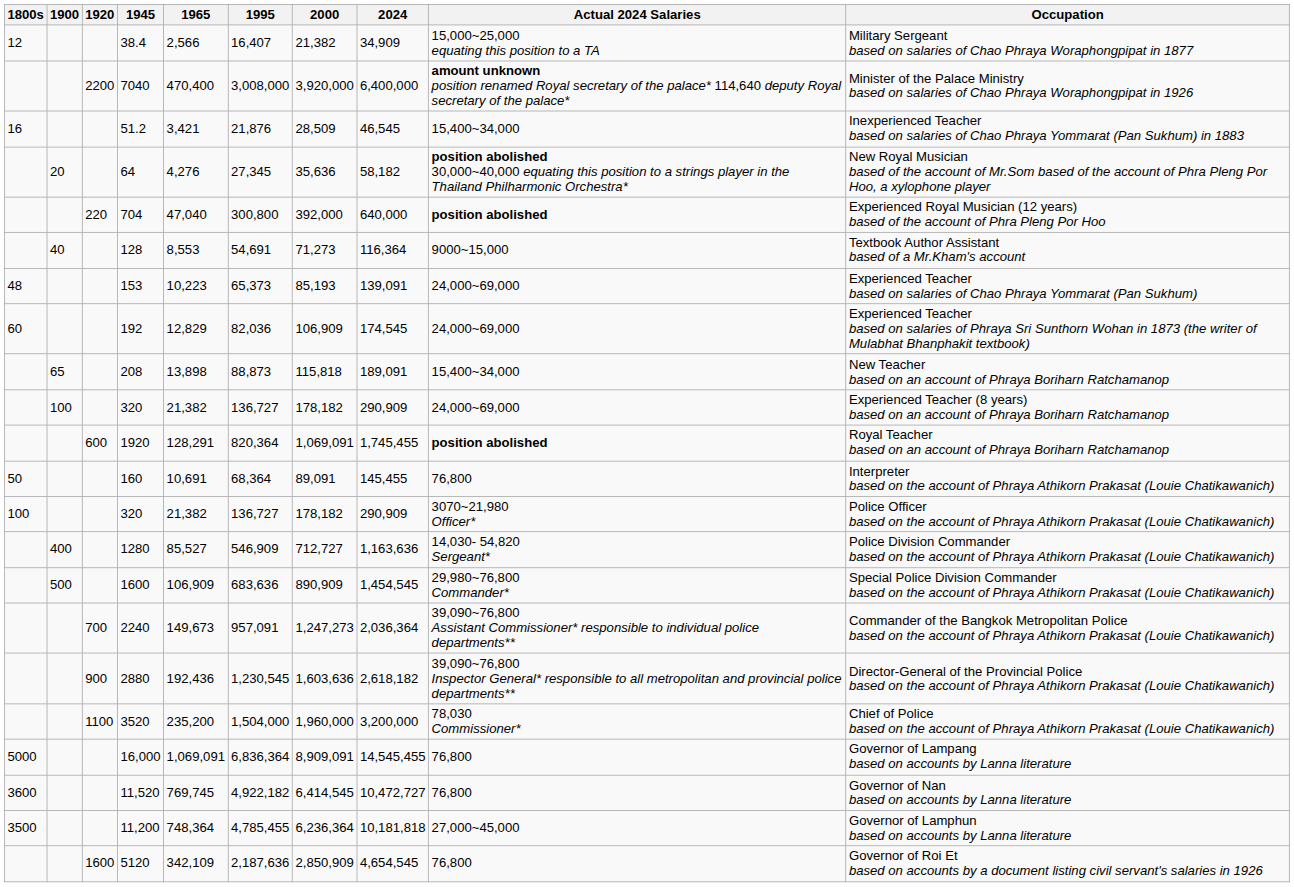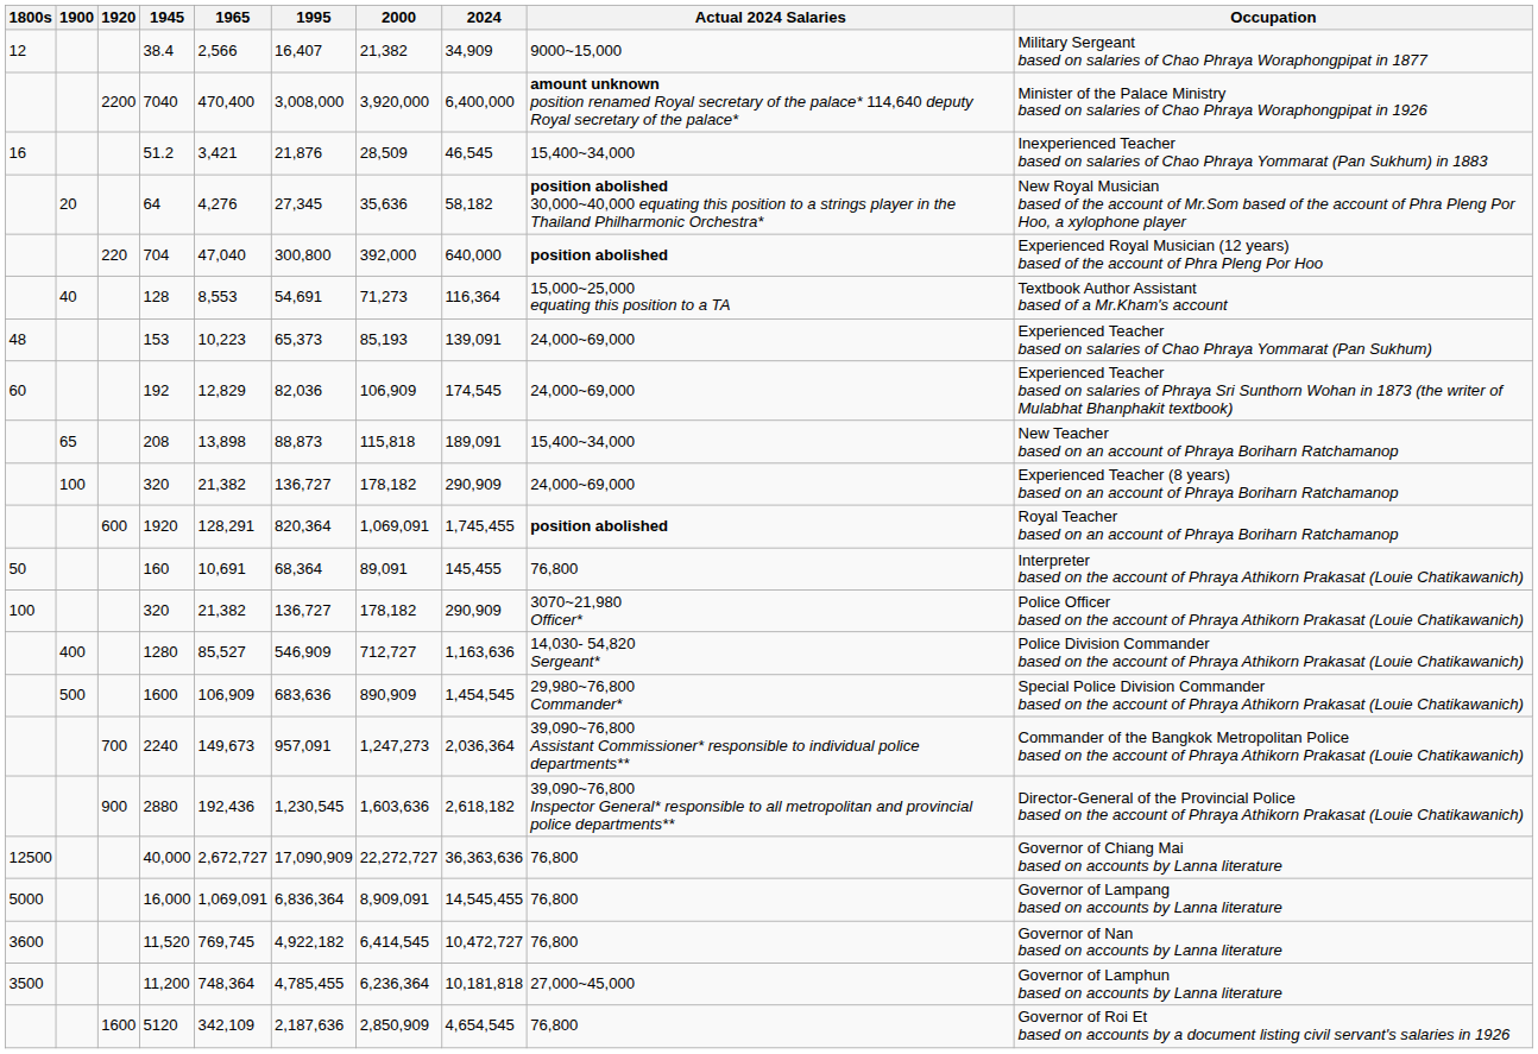 <table class="wikitable">
 <tr>
 <th>1800s</th>
 <th>1900</th>
 <th>1920</th>
 <th>1945</th>
 <th>1965</th>
 <th>1995</th>
 <th>2000</th>
 <th>2024 </th>
 <th>Actual 2024 Salaries</th>
 <th>Occupation</th>
 </tr>
 <tr>
 <td>12</td>
 <td></td>
 <td></td>
 <td>38.4</td>
 <td>2,566</td>
 <td>16,407</td>
 <td>21,382</td>
 <td>34,909</td>
-<td>15,000~25,000<br><em>equating this position to a TA</em></td>
+<td>9000~15,000</td>
 <td>Military Sergeant<br><em>based on salaries of Chao Phraya Woraphongpipat in 1877</em></td>
 </tr>
 <tr>
 <td></td>
 <td></td>
 <td>2200</td>
 <td>7040</td>
 <td>470,400</td>
 <td>3,008,000</td>
 <td>3,920,000</td>
 <td>6,400,000</td>
 <td><strong>amount unknown</strong><br><em>position renamed Royal secretary of the palace*</em> 114,640 <em>deputy Royal secretary of the palace*</em></td>
 <td>Minister of the Palace Ministry<br><em>based on salaries of Chao Phraya Woraphongpipat in 1926</em></td>
 </tr>
 <tr>
 <td>16</td>
 <td></td>
 <td></td>
 <td>51.2</td>
 <td>3,421</td>
 <td>21,876</td>
 <td>28,509</td>
 <td>46,545</td>
 <td>15,400~34,000</td>
 <td>Inexperienced Teacher<br><em>based on salaries of Chao Phraya Yommarat (Pan Sukhum) in 1883</em></td>
 </tr>
 <tr>
 <td></td>
 <td>20</td>
 <td></td>
 <td>64</td>
 <td>4,276</td>
 <td>27,345</td>
 <td>35,636</td>
 <td>58,182</td>
 <td><strong>position abolished</strong><br>30,000~40,000 <em>equating this position to a strings player in the Thailand Philharmonic Orchestra*</em></td>
 <td>New Royal Musician<br><em>based of the account of Mr.Som</em> <em>based of the account of Phra Pleng Por Hoo, a xylophone player</em></td>
 </tr>
 <tr>
 <td></td>
 <td></td>
 <td>220</td>
 <td>704</td>
 <td>47,040</td>
 <td>300,800</td>
 <td>392,000</td>
 <td>640,000</td>
 <td><strong>position abolished</strong></td>
 <td>Experienced Royal Musician (12 years)<br><em>based of the account of Phra Pleng Por Hoo</em></td>
 </tr>
 <tr>
 <td></td>
 <td>40</td>
 <td></td>
 <td>128</td>
 <td>8,553</td>
 <td>54,691</td>
 <td>71,273</td>
 <td>116,364</td>
-<td>9000~15,000</td>
+<td>15,000~25,000<br><em>equating this position to a TA</em></td>
 <td>Textbook Author Assistant<br><em>based of a Mr.Kham's account</em></td>
 </tr>
 <tr>
 <td>48</td>
 <td></td>
 <td></td>
 <td>153</td>
 <td>10,223</td>
 <td>65,373</td>
 <td>85,193</td>
 <td>139,091</td>
 <td>24,000~69,000</td>
 <td>Experienced Teacher<br><em>based on salaries of Chao Phraya Yommarat (Pan Sukhum)</em></td>
 </tr>
 <tr>
 <td>60</td>
 <td></td>
 <td></td>
 <td>192</td>
 <td>12,829</td>
 <td>82,036</td>
 <td>106,909</td>
 <td>174,545</td>
 <td>24,000~69,000</td>
 <td>Experienced Teacher<br><em>based on salaries of Phraya Sri Sunthorn Wohan in 1873 (the writer of  Mulabhat Bhanphakit textbook)</em></td>
 </tr>
 <tr>
 <td></td>
 <td>65</td>
 <td></td>
 <td>208</td>
 <td>13,898</td>
 <td>88,873</td>
 <td>115,818</td>
 <td>189,091</td>
 <td>15,400~34,000</td>
 <td>New Teacher<br><em>based on an account of Phraya Boriharn Ratchamanop</em></td>
 </tr>
 <tr>
 <td></td>
 <td>100</td>
 <td></td>
 <td>320</td>
 <td>21,382</td>
 <td>136,727</td>
 <td>178,182</td>
 <td>290,909</td>
 <td>24,000~69,000</td>
 <td>Experienced Teacher (8 years)<br><em>based on an account of Phraya Boriharn Ratchamanop</em></td>
 </tr>
 <tr>
 <td></td>
 <td></td>
 <td>600</td>
 <td>1920</td>
 <td>128,291</td>
 <td>820,364</td>
 <td>1,069,091</td>
 <td>1,745,455</td>
 <td><strong>position abolished</strong></td>
 <td>Royal Teacher<br><em>based on an account of Phraya Boriharn Ratchamanop</em></td>
 </tr>
 <tr>
 <td>50</td>
 <td></td>
 <td></td>
 <td>160</td>
 <td>10,691</td>
 <td>68,364</td>
 <td>89,091</td>
 <td>145,455</td>
 <td>76,800</td>
 <td>Interpreter<br><em>based on the account of Phraya Athikorn Prakasat (Louie Chatikawanich)</em></td>
 </tr>
 <tr>
 <td>100</td>
 <td></td>
 <td></td>
 <td>320</td>
 <td>21,382</td>
 <td>136,727</td>
 <td>178,182</td>
 <td>290,909</td>
 <td>3070~21,980<br><em>Officer*</em></td>
 <td>Police Officer<br><em>based on the account of Phraya Athikorn Prakasat (Louie Chatikawanich)</em></td>
 </tr>
 <tr>
 <td></td>
 <td>400</td>
 <td></td>
 <td>1280</td>
 <td>85,527</td>
 <td>546,909</td>
 <td>712,727</td>
 <td>1,163,636</td>
 <td>14,030- 54,820<br><em>Sergeant*</em></td>
 <td>Police Division Commander<br><em>based on the account of Phraya Athikorn Prakasat (Louie Chatikawanich)</em></td>
 </tr>
 <tr>
 <td></td>
 <td>500</td>
 <td></td>
 <td>1600</td>
 <td>106,909</td>
 <td>683,636</td>
 <td>890,909</td>
 <td>1,454,545</td>
 <td>29,980~76,800<br><em>Commander*</em></td>
 <td>Special Police Division Commander<br><em>based on the account of Phraya Athikorn Prakasat (Louie Chatikawanich)</em></td>
 </tr>
 <tr>
 <td></td>
 <td></td>
 <td>700</td>
 <td>2240</td>
 <td>149,673</td>
 <td>957,091</td>
 <td>1,247,273</td>
 <td>2,036,364</td>
 <td>39,090~76,800<br><em>Assistant Commissioner*</em> <em>responsible to individual police departments**</em></td>
 <td>Commander of the Bangkok Metropolitan Police<br><em>based on the account of Phraya Athikorn Prakasat (Louie Chatikawanich)</em></td>
 </tr>
 <tr>
 <td></td>
 <td></td>
 <td>900</td>
 <td>2880</td>
 <td>192,436</td>
 <td>1,230,545</td>
 <td>1,603,636</td>
 <td>2,618,182</td>
 <td>39,090~76,800<br><em>Inspector General*</em> <em>responsible to all metropolitan and provincial police departments**</em></td>
 <td>Director-General of the Provincial Police<br><em>based on the account of Phraya Athikorn Prakasat (Louie Chatikawanich)</em></td>
 </tr>
 <tr>
+<td>12500</td>
 <td></td>
 <td></td>
-<td>1100</td>
-<td>3520</td>
-<td>235,200</td>
-<td>1,504,000</td>
-<td>1,960,000</td>
-<td>3,200,000</td>
-<td>78,030<br><em>Commissioner*</em></td>
-<td>Chief of Police<br><em>based on the account of Phraya Athikorn Prakasat (Louie Chatikawanich)</em></td>
+<td>40,000</td>
+<td>2,672,727</td>
+<td>17,090,909</td>
+<td>22,272,727</td>
+<td>36,363,636</td>
+<td>76,800</td>
+<td>Governor of Chiang Mai<br><em>based on accounts by Lanna literature</em></td>
 </tr>
 <tr>
 <td>5000</td>
 <td></td>
 <td></td>
 <td>16,000</td>
 <td>1,069,091</td>
 <td>6,836,364</td>
 <td>8,909,091</td>
 <td>14,545,455</td>
 <td>76,800</td>
 <td>Governor of Lampang<br><em>based on accounts by Lanna literature</em></td>
 </tr>
 <tr>
 <td>3600</td>
 <td></td>
 <td></td>
 <td>11,520</td>
 <td>769,745</td>
 <td>4,922,182</td>
 <td>6,414,545</td>
 <td>10,472,727</td>
 <td>76,800</td>
 <td>Governor of Nan<br><em>based on accounts by Lanna literature</em></td>
 </tr>
 <tr>
 <td>3500</td>
 <td></td>
 <td></td>
 <td>11,200</td>
 <td>748,364</td>
 <td>4,785,455</td>
 <td>6,236,364</td>
 <td>10,181,818</td>
 <td>27,000~45,000</td>
 <td>Governor of Lamphun<br><em>based on accounts by Lanna literature</em></td>
 </tr>
 <tr>
 <td></td>
 <td></td>
 <td>1600</td>
 <td>5120</td>
 <td>342,109</td>
 <td>2,187,636</td>
 <td>2,850,909</td>
 <td>4,654,545</td>
 <td>76,800</td>
 <td>Governor of Roi Et<br><em>based on accounts by a document listing civil servant's salaries in 1926</em></td>
 </tr>
 </table>
